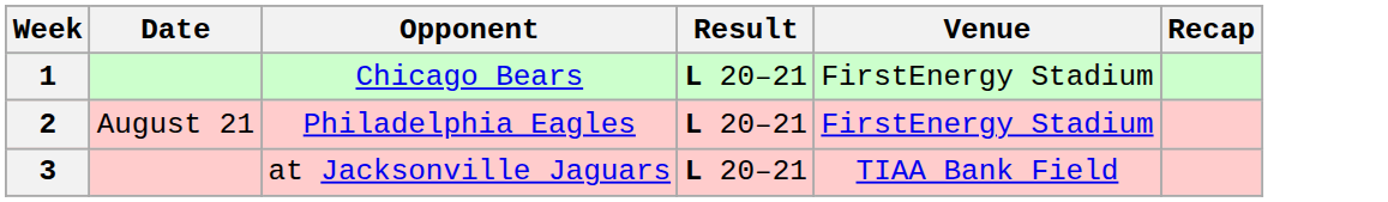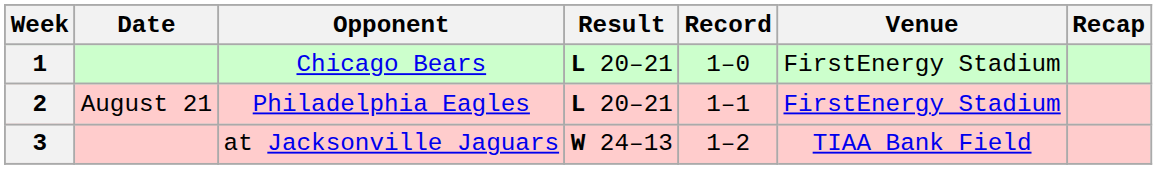 <table class="wikitable" style="text-align:center">
 <tr>
 <th>Week</th>
 <th>Date</th>
 <th>Opponent</th>
 <th>Result</th>
+<th>Record</th>
 <th>Venue</th>
 <th>Recap</th>
 </tr>
 <tr style="background:#cfc">
 <th>1</th>
 <td></td>
 <td><a href='#'>Chicago Bears</a></td>
 <td><strong>L</strong> 20–21</td>
+<td>1–0</td>
 <td>FirstEnergy Stadium</td>
 <td></td>
 </tr>
 <tr style="background:#fcc">
 <th>2</th>
 <td>August 21</td>
 <td><a href='#'>Philadelphia Eagles</a></td>
 <td><strong>L</strong> 20–21</td>
+<td>1–1</td>
 <td><a href='#'>FirstEnergy Stadium</a></td>
 <td></td>
 </tr>
 <tr style="background:#fcc">
 <th>3</th>
 <td></td>
 <td>at <a href='#'>Jacksonville Jaguars</a></td>
-<td><strong>L</strong> 20–21</td>
+<td><strong>W</strong> 24–13</td>
+<td>1–2</td>
 <td><a href='#'>TIAA Bank Field</a></td>
 <td></td>
 </tr>
 </table>
